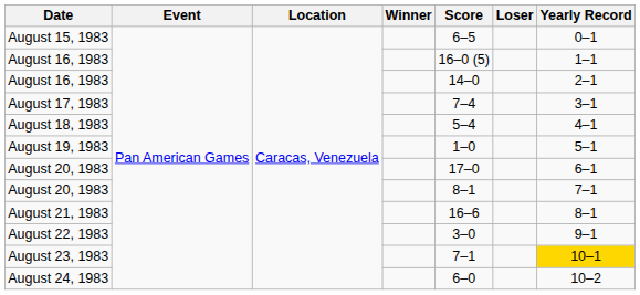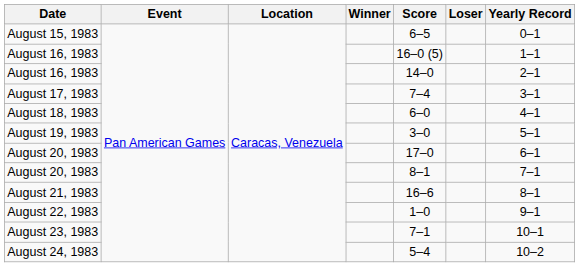 <table class="wikitable">
 <tr>
 <th>Date</th>
 <th>Event</th>
 <th>Location</th>
 <th>Winner</th>
 <th>Score</th>
 <th>Loser</th>
 <th>Yearly Record</th>
 </tr>
 <tr align=center>
 <td>August 15, 1983</td>
 <td rowspan=12><a href='#'>Pan American Games</a></td>
 <td rowspan=12><a href='#'>Caracas, Venezuela</a></td>
 <td></td>
 <td>6–5</td>
 <td></td>
 <td>0–1</td>
 </tr>
 <tr align=center>
 <td>August 16, 1983</td>
 <td></td>
 <td>16–0 (5)</td>
 <td></td>
 <td>1–1</td>
 </tr>
 <tr align=center>
 <td>August 16, 1983</td>
 <td></td>
 <td>14–0</td>
 <td></td>
 <td>2–1</td>
 </tr>
 <tr align=center>
 <td>August 17, 1983</td>
 <td></td>
 <td>7–4</td>
 <td></td>
 <td>3–1</td>
 </tr>
 <tr align=center>
 <td>August 18, 1983</td>
 <td></td>
-<td>5–4</td>
+<td>6–0</td>
 <td></td>
 <td>4–1</td>
 </tr>
 <tr align=center>
 <td>August 19, 1983</td>
 <td></td>
-<td>1–0</td>
+<td>3–0</td>
 <td></td>
 <td>5–1</td>
 </tr>
 <tr align=center>
 <td>August 20, 1983</td>
 <td></td>
 <td>17–0</td>
 <td></td>
 <td>6–1</td>
 </tr>
 <tr align=center>
 <td>August 20, 1983</td>
 <td></td>
 <td>8–1</td>
 <td></td>
 <td>7–1</td>
 </tr>
 <tr align=center>
 <td>August 21, 1983</td>
 <td></td>
 <td>16–6</td>
 <td></td>
 <td>8–1</td>
 </tr>
 <tr align=center>
 <td>August 22, 1983</td>
 <td></td>
-<td>3–0</td>
+<td>1–0</td>
 <td></td>
 <td>9–1</td>
 </tr>
 <tr align=center>
 <td>August 23, 1983</td>
 <td></td>
 <td>7–1</td>
 <td></td>
-<td style="background: gold;">10–1</td>
+<td>10–1</td>
 </tr>
 <tr align=center>
 <td>August 24, 1983</td>
 <td></td>
-<td>6–0</td>
+<td>5–4</td>
 <td></td>
 <td>10–2</td>
 </tr>
 </table>
